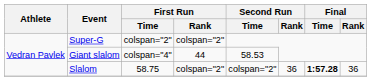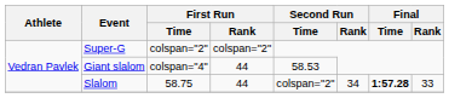 <table class="wikitable" style="font-size:90%">
 <tr>
 <th rowspan="2">Athlete</th>
 <th rowspan="2">Event</th>
 <th colspan="2">First Run</th>
 <th colspan="2">Second Run</th>
 <th colspan="3">Final</th>
 </tr>
 <tr>
 <th>Time</th>
 <th>Rank</th>
 <th>Time</th>
 <th>Rank</th>
 <th>Time</th>
 <th>Rank</th>
 </tr>
 <tr align="center">
 <td align="left" rowspan=3><a href='#'>Vedran Pavlek</a></td>
 <td align="left"><a href='#'>Super-G</a></td>
 <td>colspan="2" </td>
 <td>colspan="2" </td>
 </tr>
 <tr align="center">
 <td align="left"><a href='#'>Giant slalom</a></td>
 <td>colspan="4" </td>
 <td>44</td>
 <td>58.53</td>
 </tr>
 <tr align="center">
 <td align="left"><a href='#'>Slalom</a></td>
 <td>58.75</td>
+<td>44</td>
 <td>colspan="2" </td>
-<td>colspan="2" </td>
-<td>36</td>
+<td>34</td>
 <td><strong>1:57.28</strong></td>
-<td>36</td>
+<td>33</td>
 </tr>
 <tr align="center">
 </tr>
 </table>
